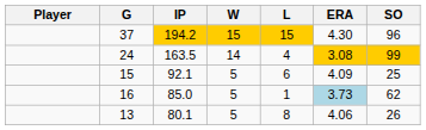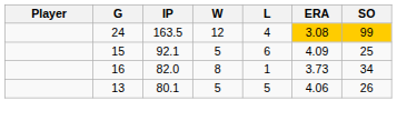 <table class="wikitable sortable">
 <tr>
 <th bgcolor="#DDDDFF" width="16%">Player</th>
 <th bgcolor="#DDDDFF" width="9%">G</th>
 <th bgcolor="#DDDDFF" width="9%">IP</th>
 <th bgcolor="#DDDDFF" width="9%">W</th>
 <th bgcolor="#DDDDFF" width="9%">L</th>
 <th bgcolor="#DDDDFF" width="9%">ERA</th>
 <th bgcolor="#DDDDFF" width="9%">SO</th>
 </tr>
 <tr align="center">
 <td></td>
-<td>37</td>
-<td style="background:#fc0;">194.2</td>
-<td style="background:#fc0;">15</td>
-<td style="background:#fc0;">15</td>
-<td>4.30</td>
-<td>96</td>
-</tr>
-<tr align="center">
-<td></td>
 <td>24</td>
 <td>163.5</td>
-<td>14</td>
+<td>12</td>
 <td>4</td>
 <td style="background:#fc0;">3.08</td>
 <td style="background:#fc0;">99</td>
 </tr>
 <tr align="center">
 <td></td>
 <td>15</td>
 <td>92.1</td>
 <td>5</td>
 <td>6</td>
 <td>4.09</td>
 <td>25</td>
 </tr>
 <tr align="center">
 <td></td>
 <td>16</td>
-<td>85.0</td>
-<td>5</td>
+<td>82.0</td>
+<td>8</td>
 <td>1</td>
-<td style="background: lightblue;">3.73</td>
-<td>62</td>
+<td>3.73</td>
+<td>34</td>
 </tr>
 <tr align="center">
 <td></td>
 <td>13</td>
 <td>80.1</td>
 <td>5</td>
-<td>8</td>
+<td>5</td>
 <td>4.06</td>
 <td>26</td>
 </tr>
 </table>
